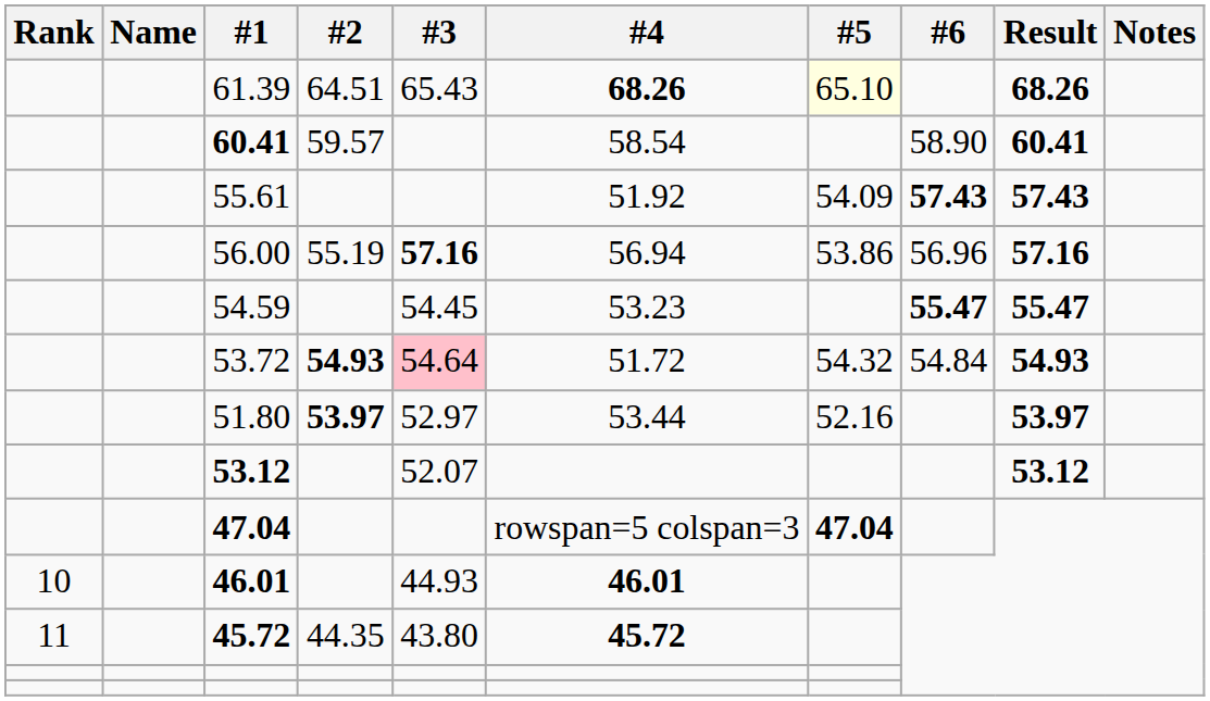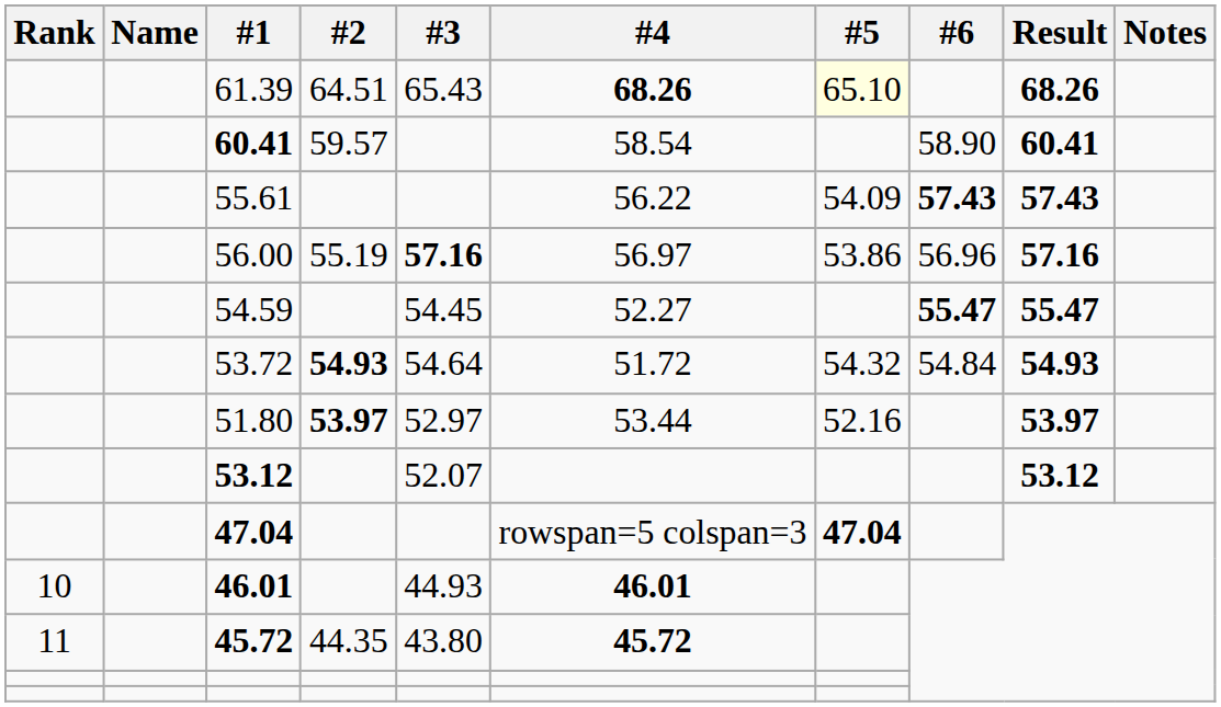 <table class="wikitable sortable" style="text-align:center">
 <tr>
 <th>Rank</th>
 <th>Name</th>
 <th>#1</th>
 <th>#2</th>
 <th>#3</th>
 <th>#4</th>
 <th>#5</th>
 <th>#6</th>
 <th>Result</th>
 <th>Notes</th>
 </tr>
 <tr>
 <td></td>
 <td align="left"></td>
 <td>61.39</td>
 <td>64.51</td>
 <td>65.43</td>
 <td><strong>68.26</strong></td>
 <td style="background: lightyellow;">65.10</td>
 <td></td>
 <td><strong>68.26</strong></td>
 <td><strong></strong></td>
 </tr>
 <tr>
 <td></td>
 <td align="left"></td>
 <td><strong>60.41</strong></td>
 <td>59.57</td>
 <td></td>
 <td>58.54</td>
 <td></td>
 <td>58.90</td>
 <td><strong>60.41</strong></td>
 <td></td>
 </tr>
 <tr>
 <td></td>
 <td align="left"></td>
 <td>55.61</td>
 <td></td>
 <td></td>
-<td>51.92</td>
+<td>56.22</td>
 <td>54.09</td>
 <td><strong>57.43</strong></td>
 <td><strong>57.43</strong></td>
 <td></td>
 </tr>
 <tr>
 <td></td>
 <td align="left"></td>
 <td>56.00</td>
 <td>55.19</td>
 <td><strong>57.16</strong></td>
-<td>56.94</td>
+<td>56.97</td>
 <td>53.86</td>
 <td>56.96</td>
 <td><strong>57.16</strong></td>
 <td></td>
 </tr>
 <tr>
 <td></td>
 <td align="left"></td>
 <td>54.59</td>
 <td></td>
 <td>54.45</td>
-<td>53.23</td>
+<td>52.27</td>
 <td></td>
 <td><strong>55.47</strong></td>
 <td><strong>55.47</strong></td>
 <td></td>
 </tr>
 <tr>
 <td></td>
 <td align="left"></td>
 <td>53.72</td>
 <td><strong>54.93</strong></td>
-<td style="background: pink;">54.64</td>
+<td>54.64</td>
 <td>51.72</td>
 <td>54.32</td>
 <td>54.84</td>
 <td><strong>54.93</strong></td>
 <td></td>
 </tr>
 <tr>
 <td></td>
 <td align="left"></td>
 <td>51.80</td>
 <td><strong>53.97</strong></td>
 <td>52.97</td>
 <td>53.44</td>
 <td>52.16</td>
 <td></td>
 <td><strong>53.97</strong></td>
 <td></td>
 </tr>
 <tr>
 <td></td>
 <td align="left"></td>
 <td><strong>53.12</strong></td>
 <td></td>
 <td>52.07</td>
 <td></td>
 <td></td>
 <td></td>
 <td><strong>53.12</strong></td>
 <td></td>
 </tr>
 <tr>
 <td></td>
 <td align="left"></td>
 <td><strong>47.04</strong></td>
 <td></td>
 <td></td>
 <td>rowspan=5 colspan=3 </td>
 <td><strong>47.04</strong></td>
 <td></td>
 </tr>
 <tr>
 <td>10</td>
 <td align="left"></td>
 <td><strong>46.01</strong></td>
 <td></td>
 <td>44.93</td>
 <td><strong>46.01</strong></td>
 <td></td>
 </tr>
 <tr>
 <td>11</td>
 <td align="left"></td>
 <td><strong>45.72</strong></td>
 <td>44.35</td>
 <td>43.80</td>
 <td><strong>45.72</strong></td>
 <td></td>
 </tr>
 <tr>
 <td></td>
 <td align="left"></td>
 <td></td>
 <td></td>
 <td></td>
 <td><strong></strong></td>
 <td></td>
 </tr>
 <tr>
 <td></td>
 <td align="left"></td>
 <td></td>
 <td></td>
 <td></td>
 <td><strong></strong></td>
 <td></td>
 </tr>
 </table>
